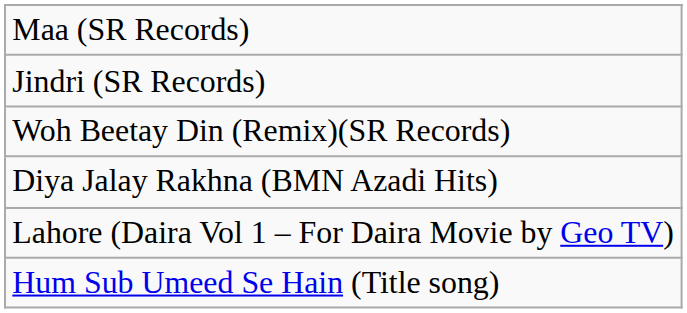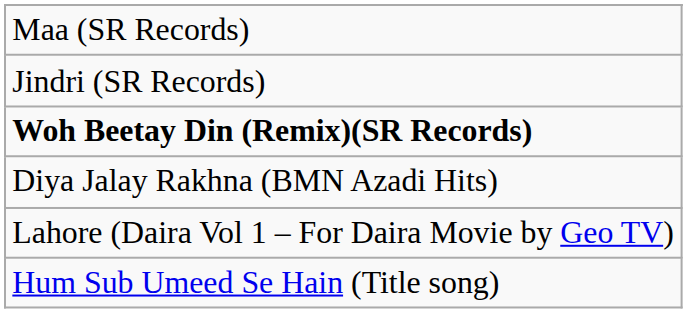 <table class="wikitable">
 <tr style="background:#ccc; text-align:center;">
 </tr>
 <tr>
 <td>Maa (SR Records)</td>
 </tr>
 <tr>
 <td>Jindri (SR Records)</td>
 </tr>
 <tr>
-<td>Woh Beetay Din (Remix)(SR Records)</td>
+<td><strong>Woh Beetay Din (Remix)(SR Records)</strong></td>
 </tr>
 <tr>
 <td>Diya Jalay Rakhna (BMN Azadi Hits)</td>
 </tr>
 <tr>
 <td>Lahore (Daira Vol 1 – For Daira Movie by <a href='#'>Geo TV</a>)</td>
 </tr>
 <tr>
 <td><a href='#'>Hum Sub Umeed Se Hain</a> (Title song)</td>
 </tr>
 </table>
